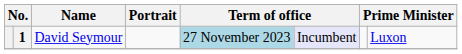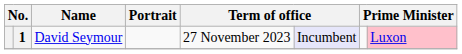 <table class="wikitable">
 <tr>
 <th colspan="2">No.</th>
 <th>Name</th>
 <th>Portrait</th>
 <th colspan="2">Term of office</th>
 <th colspan="2">Prime Minister</th>
 </tr>
 <tr>
 <th style="color:inherit;background:"></th>
 <th>1</th>
 <td><a href='#'>David Seymour</a></td>
 <td></td>
-<td style="background: lightblue;">27 November 2023</td>
+<td>27 November 2023</td>
 <td style="background: lavender;">Incumbent</td>
 <td width=1 style="color:inherit;background:"></td>
-<td><a href='#'>Luxon</a></td>
+<td style="background: pink;"><a href='#'>Luxon</a></td>
 </tr>
 <tr>
 </tr>
 </table>
